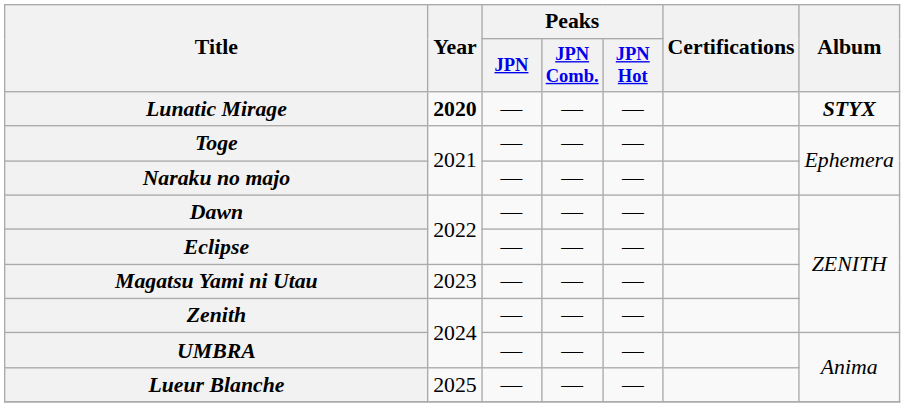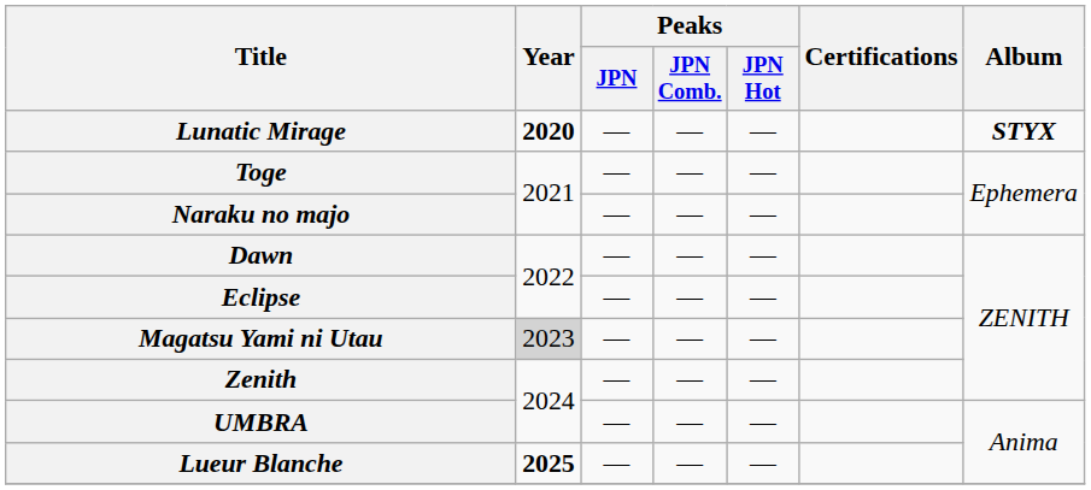 <table class="wikitable plainrowheaders" style="text-align:center;">
 <tr>
 <th scope="col" rowspan="2" style="width:19em">Title</th>
 <th scope="col" rowspan="2">Year</th>
 <th scope="col" colspan="3">Peaks</th>
 <th scope="col" rowspan="2">Certifications</th>
 <th scope="col" rowspan="2">Album</th>
 </tr>
 <tr>
 <th scope="col" style="width:2.75em;font-size:85%;"><a href='#'>JPN</a><br></th>
 <th scope="col" style="width:2.75em;font-size:85%;"><a href='#'>JPN<br>Comb.</a></th>
 <th scope="col" style="width:2.75em;font-size:85%;"><a href='#'>JPN<br>Hot</a><br></th>
 </tr>
 <tr>
 <th scope="row"><em>Lunatic Mirage</em></th>
 <td><strong>2020</strong></td>
 <td>—</td>
 <td>—</td>
 <td>—</td>
 <td></td>
 <td><strong><em>STYX</em></strong></td>
 </tr>
 <tr>
 <th scope="row"><em>Toge</em></th>
 <td rowspan="2">2021</td>
 <td>—</td>
 <td>—</td>
 <td>—</td>
 <td></td>
 <td rowspan="2"><em>Ephemera</em></td>
 </tr>
 <tr>
 <th scope="row"><em>Naraku no majo</em></th>
 <td>—</td>
 <td>—</td>
 <td>—</td>
 <td></td>
 </tr>
 <tr>
 <th scope="row"><em>Dawn</em></th>
 <td rowspan="2">2022</td>
 <td>—</td>
 <td>—</td>
 <td>—</td>
 <td></td>
 <td rowspan="4"><em>ZENITH</em></td>
 </tr>
 <tr>
 <th scope="row"><em>Eclipse</em></th>
 <td>—</td>
 <td>—</td>
 <td>—</td>
 <td></td>
 </tr>
 <tr>
 <th scope="row"><em>Magatsu Yami ni Utau</em></th>
-<td>2023</td>
+<td style="background: lightgrey;">2023</td>
 <td>—</td>
 <td>—</td>
 <td>—</td>
 <td></td>
 </tr>
 <tr>
 <th scope="row"><em>Zenith</em></th>
 <td rowspan="2">2024</td>
 <td>—</td>
 <td>—</td>
 <td>—</td>
 <td></td>
 </tr>
 <tr>
 <th scope="row"><em>UMBRA</em></th>
 <td>—</td>
 <td>—</td>
 <td>—</td>
 <td></td>
 <td rowspan="2"><em>Anima</em></td>
 </tr>
 <tr>
 <th scope="row"><em>Lueur Blanche</em></th>
-<td rowspan="1">2025</td>
+<td rowspan="1"><strong>2025</strong></td>
 <td>—</td>
 <td>—</td>
 <td>—</td>
 <td></td>
 </tr>
 <tr>
 </tr>
 </table>
